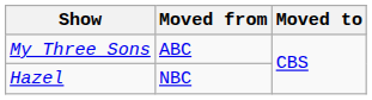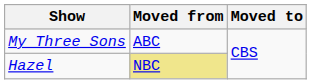 <table class="wikitable">
 <tr>
 <th>Show</th>
 <th>Moved from</th>
 <th>Moved to</th>
 </tr>
 <tr>
 <td><em><a href='#'>My Three Sons</a></em></td>
 <td><a href='#'>ABC</a></td>
 <td rowspan="2"><a href='#'>CBS</a></td>
 </tr>
 <tr>
 <td><em><a href='#'>Hazel</a></em></td>
-<td><a href='#'>NBC</a></td>
+<td style="background: khaki;"><a href='#'>NBC</a></td>
 </tr>
 </table>
